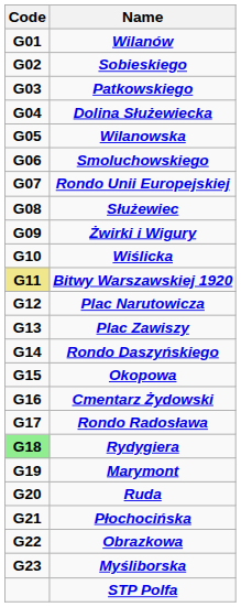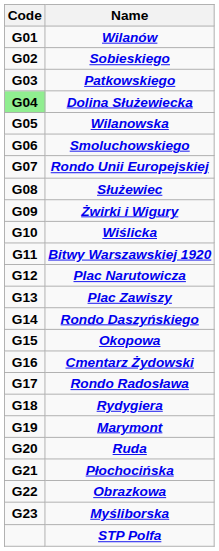 <table class="wikitable sortable" style="text-align:center; font-size:95%;">
 <tr>
 <th>Code</th>
 <th>Name</th>
 </tr>
 <tr>
 <td><strong>G01</strong></td>
 <td><a href='#'><strong><em>Wilanów</em></strong></a></td>
 </tr>
 <tr>
 <td><strong>G02</strong></td>
 <td><a href='#'><strong><em>Sobieskiego</em></strong></a></td>
 </tr>
 <tr>
 <td><strong>G03</strong></td>
 <td><a href='#'><strong><em>Patkowskiego</em></strong></a></td>
 </tr>
 <tr>
-<td><strong>G04</strong></td>
+<td style="background: lightgreen;"><strong>G04</strong></td>
 <td><a href='#'><strong><em>Dolina Służewiecka</em></strong></a></td>
 </tr>
 <tr>
 <td><strong>G05</strong></td>
 <td><a href='#'><strong><em>Wilanowska</em></strong></a></td>
 </tr>
 <tr>
 <td><strong>G06</strong></td>
 <td><a href='#'><strong><em>Smoluchowskiego</em></strong></a></td>
 </tr>
 <tr>
 <td><strong>G07</strong></td>
 <td><a href='#'><strong><em>Rondo Unii Europejskiej</em></strong></a></td>
 </tr>
 <tr>
 <td><strong>G08</strong></td>
 <td><a href='#'><strong><em>Służewiec</em></strong></a></td>
 </tr>
 <tr>
 <td><strong>G09</strong></td>
 <td><a href='#'><strong><em>Żwirki i Wigury</em></strong></a></td>
 </tr>
 <tr>
 <td><strong>G10</strong></td>
 <td><a href='#'><strong><em>Wiślicka</em></strong></a></td>
 </tr>
 <tr>
-<td style="background: khaki;"><strong>G11</strong></td>
+<td><strong>G11</strong></td>
 <td><a href='#'><strong><em>Bitwy Warszawskiej 1920</em></strong></a></td>
 </tr>
 <tr>
 <td><strong>G12</strong></td>
 <td><a href='#'><strong><em>Plac Narutowicza</em></strong></a></td>
 </tr>
 <tr>
 <td><strong>G13</strong></td>
 <td><a href='#'><strong><em>Plac Zawiszy</em></strong></a></td>
 </tr>
 <tr>
 <td><strong>G14</strong></td>
 <td><a href='#'><strong><em>Rondo Daszyńskiego</em></strong></a></td>
 </tr>
 <tr>
 <td><strong>G15</strong></td>
 <td><a href='#'><strong><em>Okopowa</em></strong></a></td>
 </tr>
 <tr>
 <td><strong>G16</strong></td>
 <td><a href='#'><strong><em>Cmentarz Żydowski</em></strong></a></td>
 </tr>
 <tr>
 <td><strong>G17</strong></td>
 <td><a href='#'><strong><em>Rondo Radosława</em></strong></a></td>
 </tr>
 <tr>
-<td style="background: lightgreen;"><strong>G18</strong></td>
+<td><strong>G18</strong></td>
 <td><a href='#'><strong><em>Rydygiera</em></strong></a></td>
 </tr>
 <tr>
 <td><strong>G19</strong></td>
 <td><a href='#'><strong><em>Marymont</em></strong></a></td>
 </tr>
 <tr>
 <td><strong>G20</strong></td>
 <td><a href='#'><strong><em>Ruda</em></strong></a></td>
 </tr>
 <tr>
 <td><strong>G21</strong></td>
 <td><a href='#'><strong><em>Płochocińska</em></strong></a></td>
 </tr>
 <tr>
 <td><strong>G22</strong></td>
 <td><a href='#'><strong><em>Obrazkowa</em></strong></a></td>
 </tr>
 <tr>
 <td><strong>G23</strong></td>
 <td><a href='#'><strong><em>Myśliborska</em></strong></a></td>
 </tr>
 <tr>
 <td></td>
 <td><strong><em><a href='#'>STP Polfa</a></em></strong></td>
 </tr>
 </table>
